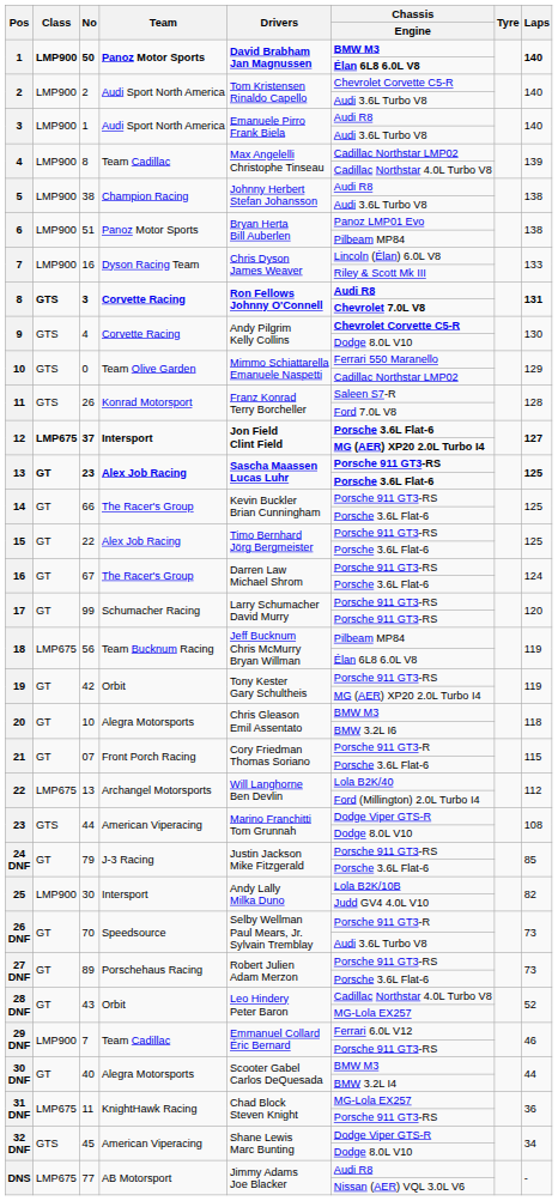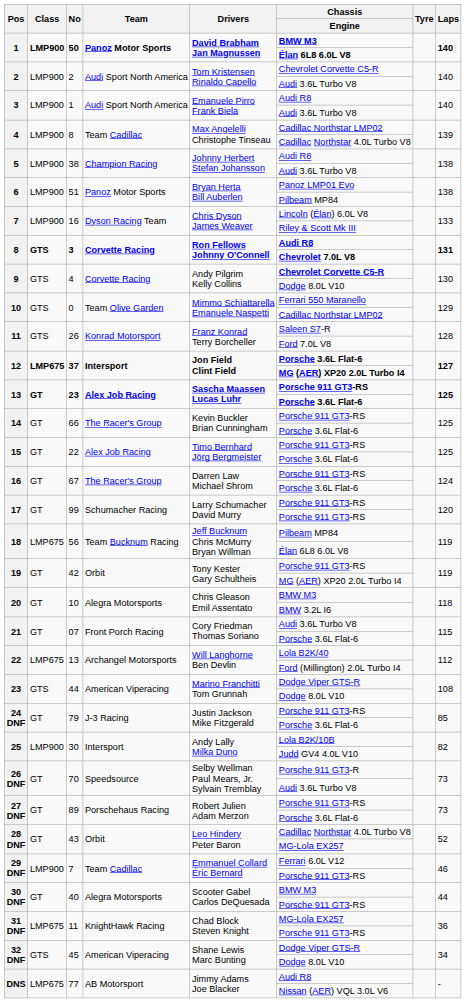 <table class="wikitable" style="font-size: 95%;">
 <tr>
 <th rowspan=2>Pos</th>
 <th rowspan=2>Class</th>
 <th rowspan=2>No</th>
 <th rowspan=2>Team</th>
 <th rowspan=2>Drivers</th>
 <th>Chassis</th>
 <th rowspan=2>Tyre</th>
 <th rowspan=2>Laps</th>
 </tr>
 <tr>
 <th>Engine</th>
 </tr>
 <tr style="font-weight:bold">
 <th rowspan=2>1</th>
 <td rowspan=2>LMP900</td>
 <td rowspan=2>50</td>
 <td rowspan=2> <a href='#'>Panoz</a> Motor Sports</td>
 <td rowspan=2> <a href='#'>David Brabham</a><br> <a href='#'>Jan Magnussen</a></td>
 <td><a href='#'>BMW M3</a></td>
 <td rowspan=2></td>
 <td rowspan=2>140</td>
 </tr>
 <tr style="font-weight:bold">
 <td><a href='#'>Élan</a> 6L8 6.0L V8</td>
 </tr>
 <tr>
 <th rowspan=2>2</th>
 <td rowspan=2>LMP900</td>
 <td rowspan=2>2</td>
 <td rowspan=2> <a href='#'>Audi</a> Sport North America</td>
 <td rowspan=2> <a href='#'>Tom Kristensen</a><br> <a href='#'>Rinaldo Capello</a></td>
 <td><a href='#'>Chevrolet Corvette C5-R</a></td>
 <td rowspan=2></td>
 <td rowspan=2>140</td>
 </tr>
 <tr>
 <td><a href='#'>Audi</a> 3.6L Turbo V8</td>
 </tr>
 <tr>
 <th rowspan=2>3</th>
 <td rowspan=2>LMP900</td>
 <td rowspan=2>1</td>
 <td rowspan=2> <a href='#'>Audi</a> Sport North America</td>
 <td rowspan=2> <a href='#'>Emanuele Pirro</a><br> <a href='#'>Frank Biela</a></td>
 <td><a href='#'>Audi R8</a></td>
 <td rowspan=2></td>
 <td rowspan=2>140</td>
 </tr>
 <tr>
 <td><a href='#'>Audi</a> 3.6L Turbo V8</td>
 </tr>
 <tr>
 <th rowspan=2>4</th>
 <td rowspan=2>LMP900</td>
 <td rowspan=2>8</td>
 <td rowspan=2> Team <a href='#'>Cadillac</a></td>
 <td rowspan=2> <a href='#'>Max Angelelli</a><br> Christophe Tinseau</td>
 <td><a href='#'>Cadillac Northstar LMP02</a></td>
 <td rowspan=2></td>
 <td rowspan=2>139</td>
 </tr>
 <tr>
 <td><a href='#'>Cadillac</a> <a href='#'>Northstar</a> 4.0L Turbo V8</td>
 </tr>
 <tr>
 <th rowspan=2>5</th>
 <td rowspan=2>LMP900</td>
 <td rowspan=2>38</td>
 <td rowspan=2> <a href='#'>Champion Racing</a></td>
 <td rowspan=2> <a href='#'>Johnny Herbert</a><br> <a href='#'>Stefan Johansson</a></td>
 <td><a href='#'>Audi R8</a></td>
 <td rowspan=2></td>
 <td rowspan=2>138</td>
 </tr>
 <tr>
 <td><a href='#'>Audi</a> 3.6L Turbo V8</td>
 </tr>
 <tr>
 <th rowspan=2>6</th>
 <td rowspan=2>LMP900</td>
 <td rowspan=2>51</td>
 <td rowspan=2> <a href='#'>Panoz</a> Motor Sports</td>
 <td rowspan=2> <a href='#'>Bryan Herta</a><br> <a href='#'>Bill Auberlen</a></td>
 <td><a href='#'>Panoz LMP01 Evo</a></td>
 <td rowspan=2></td>
 <td rowspan=2>138</td>
 </tr>
 <tr>
 <td><a href='#'>Pilbeam</a> MP84</td>
 </tr>
 <tr>
 <th rowspan=2>7</th>
 <td rowspan=2>LMP900</td>
 <td rowspan=2>16</td>
 <td rowspan=2> <a href='#'>Dyson Racing</a> Team</td>
 <td rowspan=2> <a href='#'>Chris Dyson</a><br> <a href='#'>James Weaver</a></td>
 <td><a href='#'>Lincoln</a> (<a href='#'>Élan</a>) 6.0L V8</td>
 <td rowspan=2></td>
 <td rowspan=2>133</td>
 </tr>
 <tr>
 <td><a href='#'>Riley & Scott Mk III</a></td>
 </tr>
 <tr style="font-weight:bold">
 <th rowspan=2>8</th>
 <td rowspan=2>GTS</td>
 <td rowspan=2>3</td>
 <td rowspan=2> <a href='#'>Corvette Racing</a></td>
 <td rowspan=2> <a href='#'>Ron Fellows</a><br> <a href='#'>Johnny O'Connell</a></td>
 <td><a href='#'>Audi R8</a></td>
 <td rowspan=2></td>
 <td rowspan=2>131</td>
 </tr>
 <tr style="font-weight:bold">
 <td><a href='#'>Chevrolet</a> 7.0L V8</td>
 </tr>
 <tr>
 <th rowspan=2>9</th>
 <td rowspan=2>GTS</td>
 <td rowspan=2>4</td>
 <td rowspan=2> <a href='#'>Corvette Racing</a></td>
 <td rowspan=2> Andy Pilgrim<br> Kelly Collins</td>
 <td><strong><a href='#'>Chevrolet Corvette C5-R</a></strong></td>
 <td rowspan=2></td>
 <td rowspan=2>130</td>
 </tr>
 <tr>
 <td><a href='#'>Dodge</a> 8.0L V10</td>
 </tr>
 <tr>
 <th rowspan=2>10</th>
 <td rowspan=2>GTS</td>
 <td rowspan=2>0</td>
 <td rowspan=2> Team <a href='#'>Olive Garden</a></td>
 <td rowspan=2> <a href='#'>Mimmo Schiattarella</a><br> <a href='#'>Emanuele Naspetti</a></td>
 <td><a href='#'>Ferrari 550 Maranello</a></td>
 <td rowspan=2></td>
 <td rowspan=2>129</td>
 </tr>
 <tr>
 <td><a href='#'>Cadillac Northstar LMP02</a></td>
 </tr>
 <tr>
 <th rowspan=2>11</th>
 <td rowspan=2>GTS</td>
 <td rowspan=2>26</td>
 <td rowspan=2> <a href='#'>Konrad Motorsport</a></td>
 <td rowspan=2> <a href='#'>Franz Konrad</a><br> Terry Borcheller</td>
 <td><a href='#'>Saleen S7</a>-R</td>
 <td rowspan=2></td>
 <td rowspan=2>128</td>
 </tr>
 <tr>
 <td><a href='#'>Ford</a> 7.0L V8</td>
 </tr>
 <tr style="font-weight:bold">
 <th rowspan=2>12</th>
 <td rowspan=2>LMP675</td>
 <td rowspan=2>37</td>
 <td rowspan=2> Intersport</td>
 <td rowspan=2> Jon Field<br> Clint Field</td>
 <td><a href='#'>Porsche</a> 3.6L Flat-6</td>
 <td rowspan=2></td>
 <td rowspan=2>127</td>
 </tr>
 <tr style="font-weight:bold">
 <td><a href='#'>MG</a> (<a href='#'>AER</a>) XP20 2.0L Turbo I4</td>
 </tr>
 <tr style="font-weight:bold">
 <th rowspan=2>13</th>
 <td rowspan=2>GT</td>
 <td rowspan=2>23</td>
 <td rowspan=2> <a href='#'>Alex Job Racing</a></td>
 <td rowspan=2> <a href='#'>Sascha Maassen</a><br> <a href='#'>Lucas Luhr</a></td>
 <td><a href='#'>Porsche 911 GT3</a>-RS</td>
 <td rowspan=2></td>
 <td rowspan=2>125</td>
 </tr>
 <tr style="font-weight:bold">
 <td><a href='#'>Porsche</a> 3.6L Flat-6</td>
 </tr>
 <tr>
 <th rowspan=2>14</th>
 <td rowspan=2>GT</td>
 <td rowspan=2>66</td>
 <td rowspan=2> <a href='#'>The Racer's Group</a></td>
 <td rowspan=2> Kevin Buckler<br> Brian Cunningham</td>
 <td><a href='#'>Porsche 911 GT3</a>-RS</td>
 <td rowspan=2></td>
 <td rowspan=2>125</td>
 </tr>
 <tr>
 <td><a href='#'>Porsche</a> 3.6L Flat-6</td>
 </tr>
 <tr>
 <th rowspan=2>15</th>
 <td rowspan=2>GT</td>
 <td rowspan=2>22</td>
 <td rowspan=2> <a href='#'>Alex Job Racing</a></td>
 <td rowspan=2> <a href='#'>Timo Bernhard</a><br> <a href='#'>Jörg Bergmeister</a></td>
 <td><a href='#'>Porsche 911 GT3</a>-RS</td>
 <td rowspan=2></td>
 <td rowspan=2>125</td>
 </tr>
 <tr>
 <td><a href='#'>Porsche</a> 3.6L Flat-6</td>
 </tr>
 <tr>
 <th rowspan=2>16</th>
 <td rowspan=2>GT</td>
 <td rowspan=2>67</td>
 <td rowspan=2> <a href='#'>The Racer's Group</a></td>
 <td rowspan=2> Darren Law<br> Michael Shrom</td>
 <td><a href='#'>Porsche 911 GT3</a>-RS</td>
 <td rowspan=2></td>
 <td rowspan=2>124</td>
 </tr>
 <tr>
 <td><a href='#'>Porsche</a> 3.6L Flat-6</td>
 </tr>
 <tr>
 <th rowspan=2>17</th>
 <td rowspan=2>GT</td>
 <td rowspan=2>99</td>
 <td rowspan=2> Schumacher Racing</td>
 <td rowspan=2> Larry Schumacher<br> David Murry</td>
 <td><a href='#'>Porsche 911 GT3</a>-RS</td>
 <td rowspan=2></td>
 <td rowspan=2>120</td>
 </tr>
 <tr>
 <td><a href='#'>Porsche 911 GT3</a>-RS</td>
 </tr>
 <tr>
 <th rowspan=2>18</th>
 <td rowspan=2>LMP675</td>
 <td rowspan=2>56</td>
 <td rowspan=2> Team <a href='#'>Bucknum</a> Racing</td>
 <td rowspan=2> <a href='#'>Jeff Bucknum</a><br> Chris McMurry<br> Bryan Willman</td>
 <td><a href='#'>Pilbeam</a> MP84</td>
 <td rowspan=2></td>
 <td rowspan=2>119</td>
 </tr>
 <tr>
 <td><a href='#'>Élan</a> 6L8 6.0L V8</td>
 </tr>
 <tr>
 <th rowspan=2>19</th>
 <td rowspan=2>GT</td>
 <td rowspan=2>42</td>
 <td rowspan=2> Orbit</td>
 <td rowspan=2> Tony Kester<br> Gary Schultheis</td>
 <td><a href='#'>Porsche 911 GT3</a>-RS</td>
 <td rowspan=2></td>
 <td rowspan=2>119</td>
 </tr>
 <tr>
 <td><a href='#'>MG</a> (<a href='#'>AER</a>) XP20 2.0L Turbo I4</td>
 </tr>
 <tr>
 <th rowspan=2>20</th>
 <td rowspan=2>GT</td>
 <td rowspan=2>10</td>
 <td rowspan=2> Alegra Motorsports</td>
 <td rowspan=2> Chris Gleason<br> Emil Assentato</td>
 <td><a href='#'>BMW M3</a></td>
 <td rowspan=2></td>
 <td rowspan=2>118</td>
 </tr>
 <tr>
 <td><a href='#'>BMW</a> 3.2L I6</td>
 </tr>
 <tr>
 <th rowspan=2>21</th>
 <td rowspan=2>GT</td>
 <td rowspan=2>07</td>
 <td rowspan=2> Front Porch Racing</td>
 <td rowspan=2> Cory Friedman<br> Thomas Soriano</td>
-<td><a href='#'>Porsche 911 GT3</a>-R</td>
+<td><a href='#'>Audi</a> 3.6L Turbo V8</td>
 <td rowspan=2></td>
 <td rowspan=2>115</td>
 </tr>
 <tr>
 <td><a href='#'>Porsche</a> 3.6L Flat-6</td>
 </tr>
 <tr>
 <th rowspan=2>22</th>
 <td rowspan=2>LMP675</td>
 <td rowspan=2>13</td>
 <td rowspan=2> Archangel Motorsports</td>
 <td rowspan=2> <a href='#'>Will Langhorne</a><br> Ben Devlin</td>
 <td><a href='#'>Lola B2K/40</a></td>
 <td rowspan=2></td>
 <td rowspan=2>112</td>
 </tr>
 <tr>
 <td><a href='#'>Ford</a> (Millington) 2.0L Turbo I4</td>
 </tr>
 <tr>
 <th rowspan=2>23</th>
 <td rowspan=2>GTS</td>
 <td rowspan=2>44</td>
 <td rowspan=2> American Viperacing</td>
 <td rowspan=2> <a href='#'>Marino Franchitti</a><br> Tom Grunnah</td>
 <td><a href='#'>Dodge Viper GTS-R</a></td>
 <td rowspan=2></td>
 <td rowspan=2>108</td>
 </tr>
 <tr>
 <td><a href='#'>Dodge</a> 8.0L V10</td>
 </tr>
 <tr>
 <th rowspan=2>24<br>DNF</th>
 <td rowspan=2>GT</td>
 <td rowspan=2>79</td>
 <td rowspan=2> J-3 Racing</td>
 <td rowspan=2> Justin Jackson<br> Mike Fitzgerald</td>
 <td><a href='#'>Porsche 911 GT3</a>-RS</td>
 <td rowspan=2></td>
 <td rowspan=2>85</td>
 </tr>
 <tr>
 <td><a href='#'>Porsche</a> 3.6L Flat-6</td>
 </tr>
 <tr>
 <th rowspan=2>25</th>
 <td rowspan=2>LMP900</td>
 <td rowspan=2>30</td>
 <td rowspan=2> Intersport</td>
 <td rowspan=2> Andy Lally<br> <a href='#'>Milka Duno</a></td>
 <td><a href='#'>Lola B2K/10B</a></td>
 <td rowspan=2></td>
 <td rowspan=2>82</td>
 </tr>
 <tr>
 <td><a href='#'>Judd</a> GV4 4.0L V10</td>
 </tr>
 <tr>
 <th rowspan=2>26<br>DNF</th>
 <td rowspan=2>GT</td>
 <td rowspan=2>70</td>
 <td rowspan=2> Speedsource</td>
 <td rowspan=2> Selby Wellman<br> Paul Mears, Jr.<br> Sylvain Tremblay</td>
 <td><a href='#'>Porsche 911 GT3</a>-R</td>
 <td rowspan=2></td>
 <td rowspan=2>73</td>
 </tr>
 <tr>
 <td><a href='#'>Audi</a> 3.6L Turbo V8</td>
 </tr>
 <tr>
 <th rowspan=2>27<br>DNF</th>
 <td rowspan=2>GT</td>
 <td rowspan=2>89</td>
 <td rowspan=2> Porschehaus Racing</td>
 <td rowspan=2> Robert Julien<br> Adam Merzon</td>
 <td><a href='#'>Porsche 911 GT3</a>-RS</td>
 <td rowspan=2></td>
 <td rowspan=2>73</td>
 </tr>
 <tr>
 <td><a href='#'>Porsche</a> 3.6L Flat-6</td>
 </tr>
 <tr>
 <th rowspan=2>28<br>DNF</th>
 <td rowspan=2>GT</td>
 <td rowspan=2>43</td>
 <td rowspan=2> Orbit</td>
 <td rowspan=2> <a href='#'>Leo Hindery</a><br> Peter Baron</td>
 <td><a href='#'>Cadillac</a> <a href='#'>Northstar</a> 4.0L Turbo V8</td>
 <td rowspan=2></td>
 <td rowspan=2>52</td>
 </tr>
 <tr>
 <td><a href='#'>MG-Lola EX257</a></td>
 </tr>
 <tr>
 <th rowspan=2>29<br>DNF</th>
 <td rowspan=2>LMP900</td>
 <td rowspan=2>7</td>
 <td rowspan=2> Team <a href='#'>Cadillac</a></td>
 <td rowspan=2> <a href='#'>Emmanuel Collard</a><br> <a href='#'>Éric Bernard</a></td>
 <td><a href='#'>Ferrari</a> 6.0L V12</td>
 <td rowspan=2></td>
 <td rowspan=2>46</td>
 </tr>
 <tr>
 <td><a href='#'>Porsche 911 GT3</a>-RS</td>
 </tr>
 <tr>
 <th rowspan=2>30<br>DNF</th>
 <td rowspan=2>GT</td>
 <td rowspan=2>40</td>
 <td rowspan=2> Alegra Motorsports</td>
 <td rowspan=2> Scooter Gabel<br> Carlos DeQuesada</td>
 <td><a href='#'>BMW M3</a></td>
 <td rowspan=2></td>
 <td rowspan=2>44</td>
 </tr>
 <tr>
-<td><a href='#'>BMW</a> 3.2L I4</td>
+<td><a href='#'>Porsche 911 GT3</a>-RS</td>
 </tr>
 <tr>
 <th rowspan=2>31<br>DNF</th>
 <td rowspan=2>LMP675</td>
 <td rowspan=2>11</td>
 <td rowspan=2> KnightHawk Racing</td>
 <td rowspan=2> Chad Block<br> Steven Knight</td>
 <td><a href='#'>MG-Lola EX257</a></td>
 <td rowspan=2></td>
 <td rowspan=2>36</td>
 </tr>
 <tr>
 <td><a href='#'>Porsche 911 GT3</a>-RS</td>
 </tr>
 <tr>
 <th rowspan=2>32<br>DNF</th>
 <td rowspan=2>GTS</td>
 <td rowspan=2>45</td>
 <td rowspan=2> American Viperacing</td>
 <td rowspan=2> Shane Lewis<br> Marc Bunting</td>
 <td><a href='#'>Dodge Viper GTS-R</a></td>
 <td rowspan=2></td>
 <td rowspan=2>34</td>
 </tr>
 <tr>
 <td><a href='#'>Dodge</a> 8.0L V10</td>
 </tr>
 <tr>
 <th rowspan=2>DNS</th>
 <td rowspan=2>LMP675</td>
 <td rowspan=2>77</td>
 <td rowspan=2> AB Motorsport</td>
 <td rowspan=2> Jimmy Adams<br> Joe Blacker</td>
 <td><a href='#'>Audi R8</a></td>
 <td rowspan=2></td>
 <td rowspan=2>-</td>
 </tr>
 <tr>
 <td><a href='#'>Nissan</a> (<a href='#'>AER</a>) VQL 3.0L V6</td>
 </tr>
 </table>
